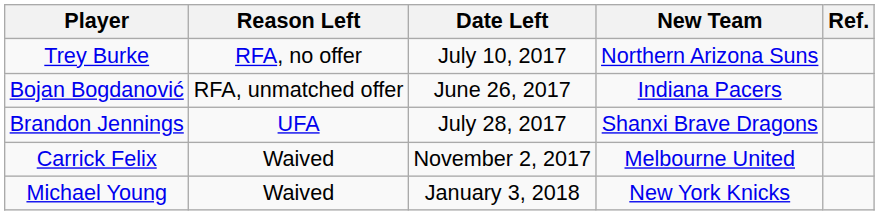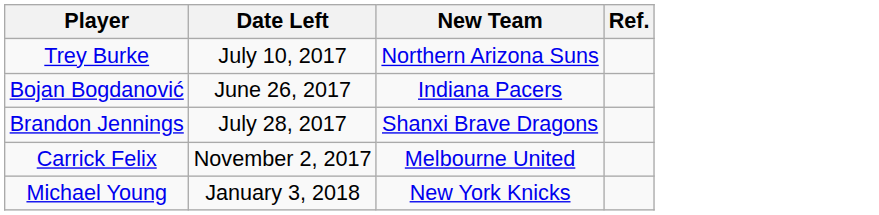 <table class="wikitable sortable sortable">
 <tr>
 <th>Player</th>
-<th>Reason Left</th>
 <th>Date Left</th>
 <th>New Team</th>
 <th>Ref.</th>
 </tr>
 <tr style="text-align: center">
 <td><a href='#'>Trey Burke</a></td>
-<td><a href='#'>RFA</a>, no offer</td>
 <td>July 10, 2017</td>
 <td><a href='#'>Northern Arizona Suns</a></td>
 <td></td>
 </tr>
 <tr style="text-align: center">
 <td><a href='#'>Bojan Bogdanović</a></td>
-<td>RFA, unmatched offer</td>
 <td>June 26, 2017</td>
 <td><a href='#'>Indiana Pacers</a></td>
 <td></td>
 </tr>
 <tr style="text-align: center">
 <td><a href='#'>Brandon Jennings</a></td>
-<td><a href='#'>UFA</a></td>
 <td>July 28, 2017</td>
 <td> <a href='#'>Shanxi Brave Dragons</a></td>
 <td></td>
 </tr>
 <tr style="text-align: center">
 <td><a href='#'>Carrick Felix</a></td>
-<td>Waived</td>
 <td>November 2, 2017</td>
 <td> <a href='#'>Melbourne United</a></td>
 <td></td>
 </tr>
 <tr style="text-align: center">
 <td><a href='#'>Michael Young</a></td>
-<td>Waived</td>
 <td>January 3, 2018</td>
 <td><a href='#'>New York Knicks</a></td>
 <td></td>
 </tr>
 </table>
